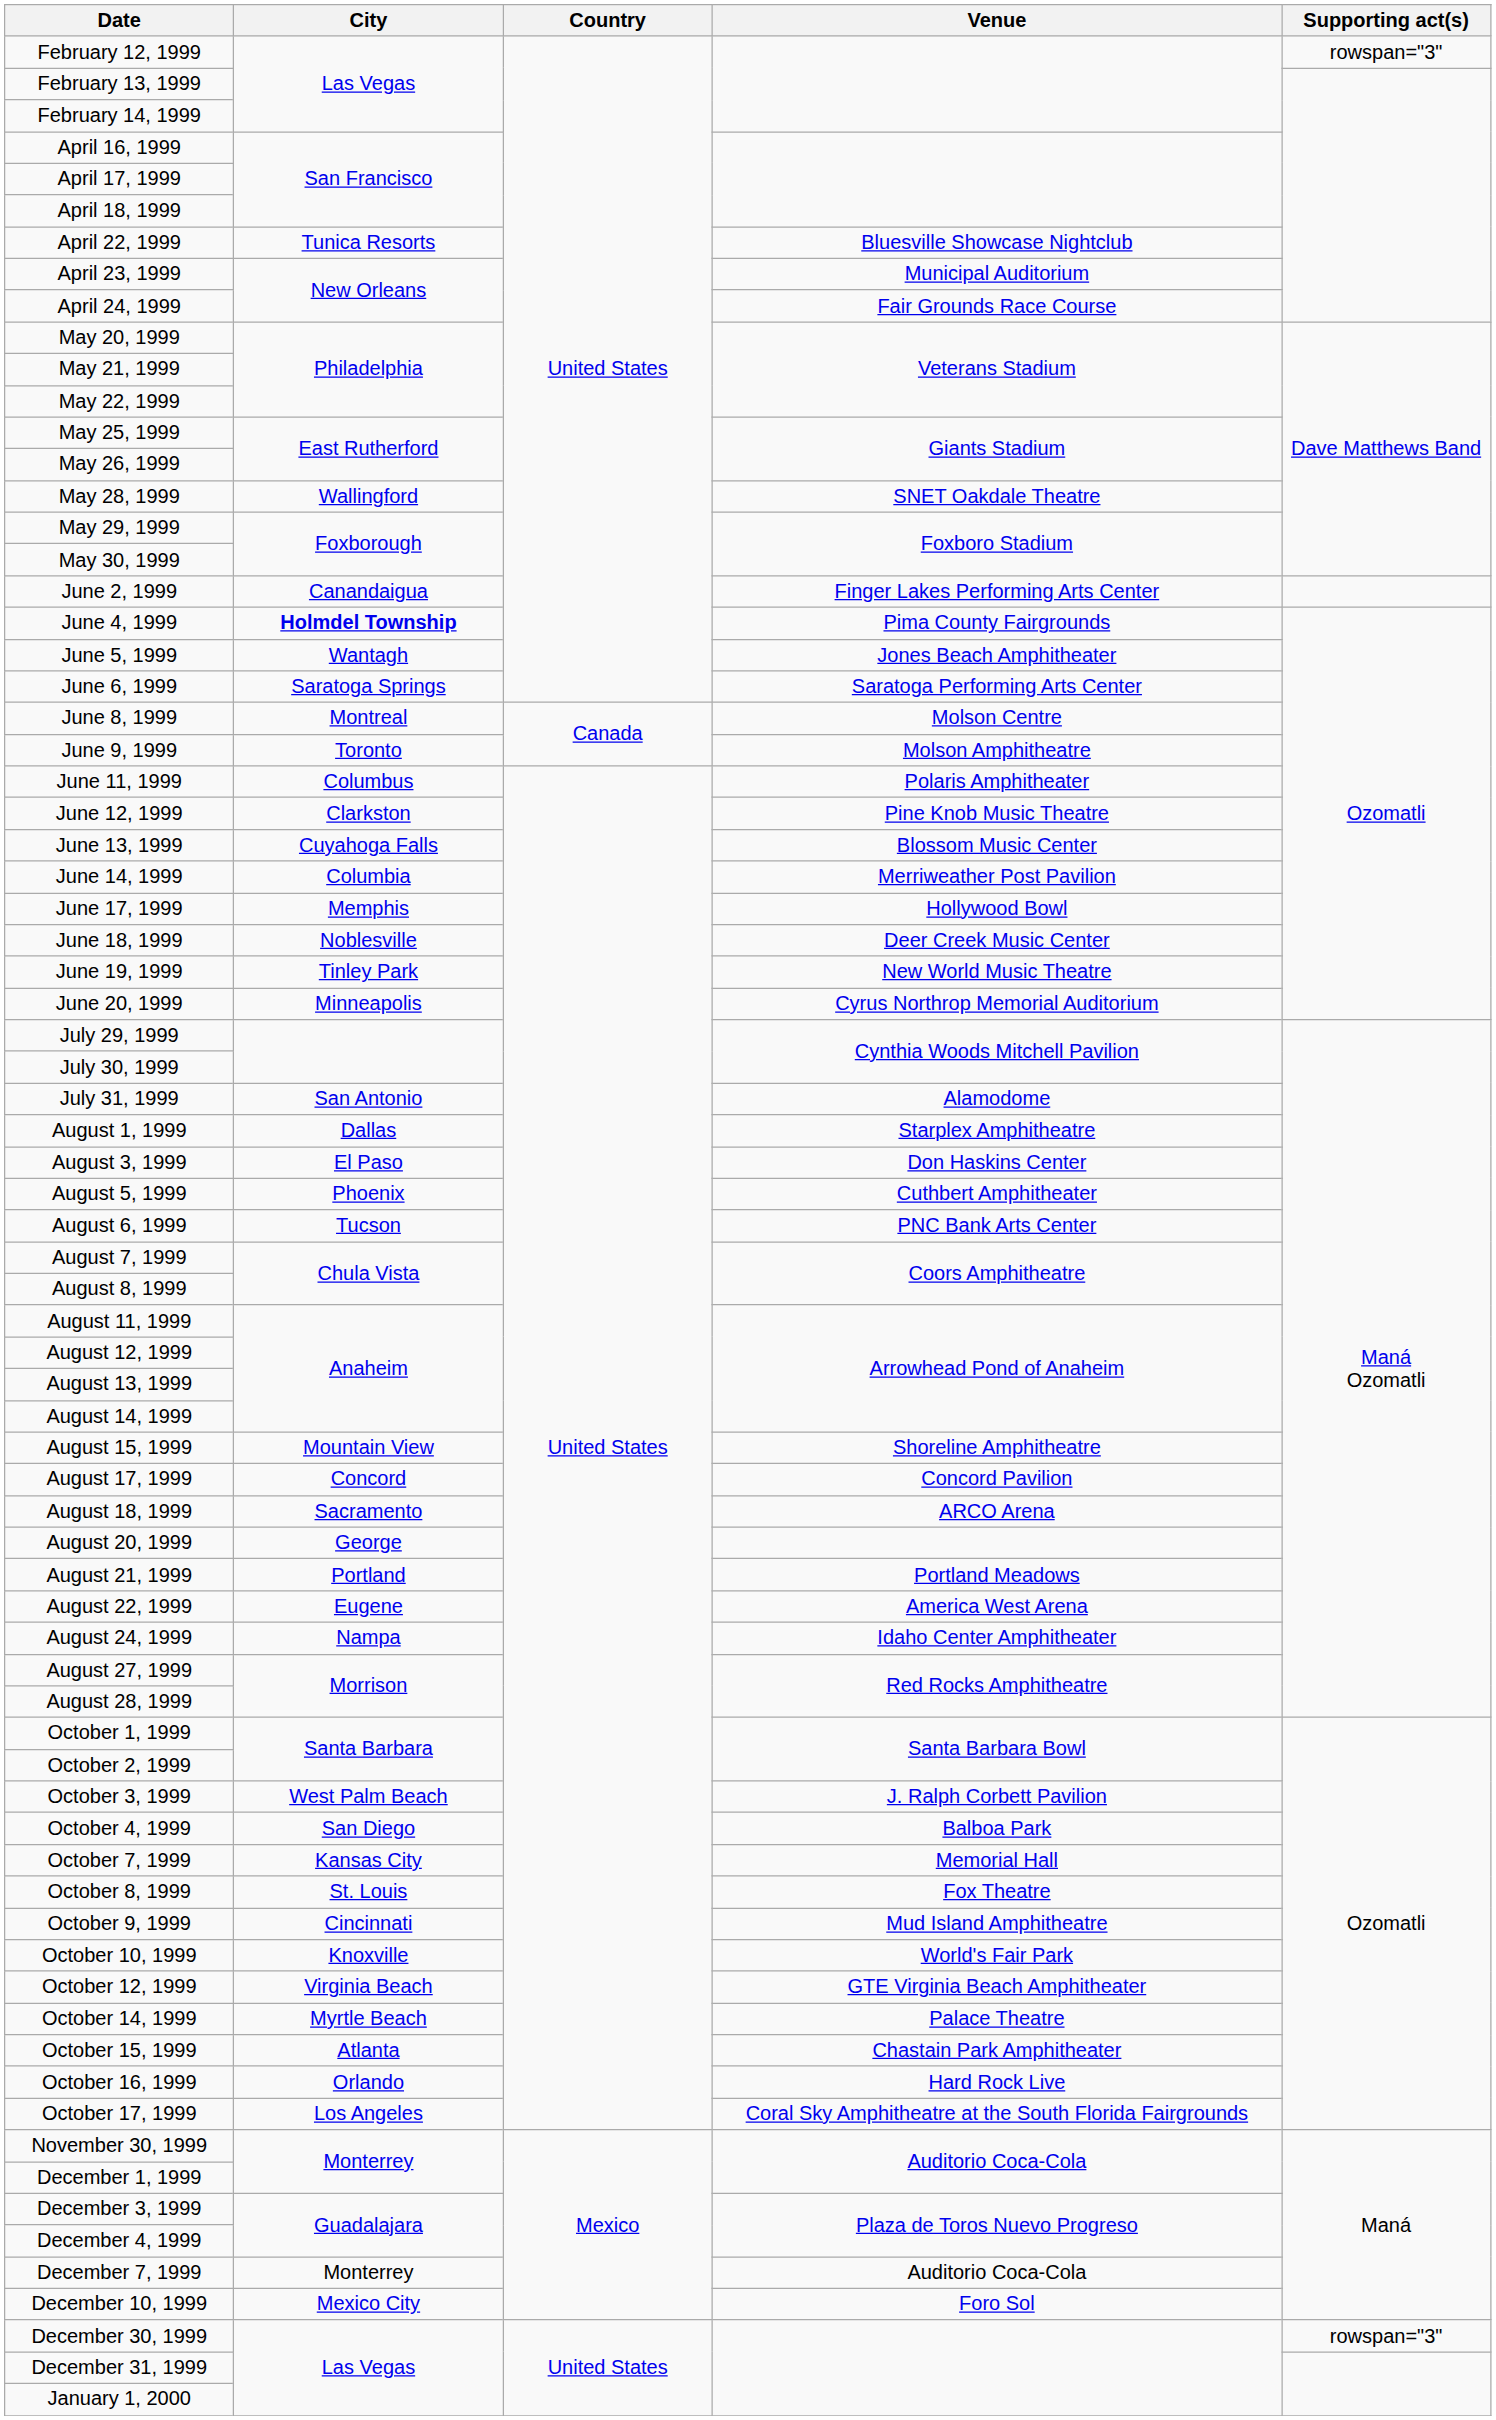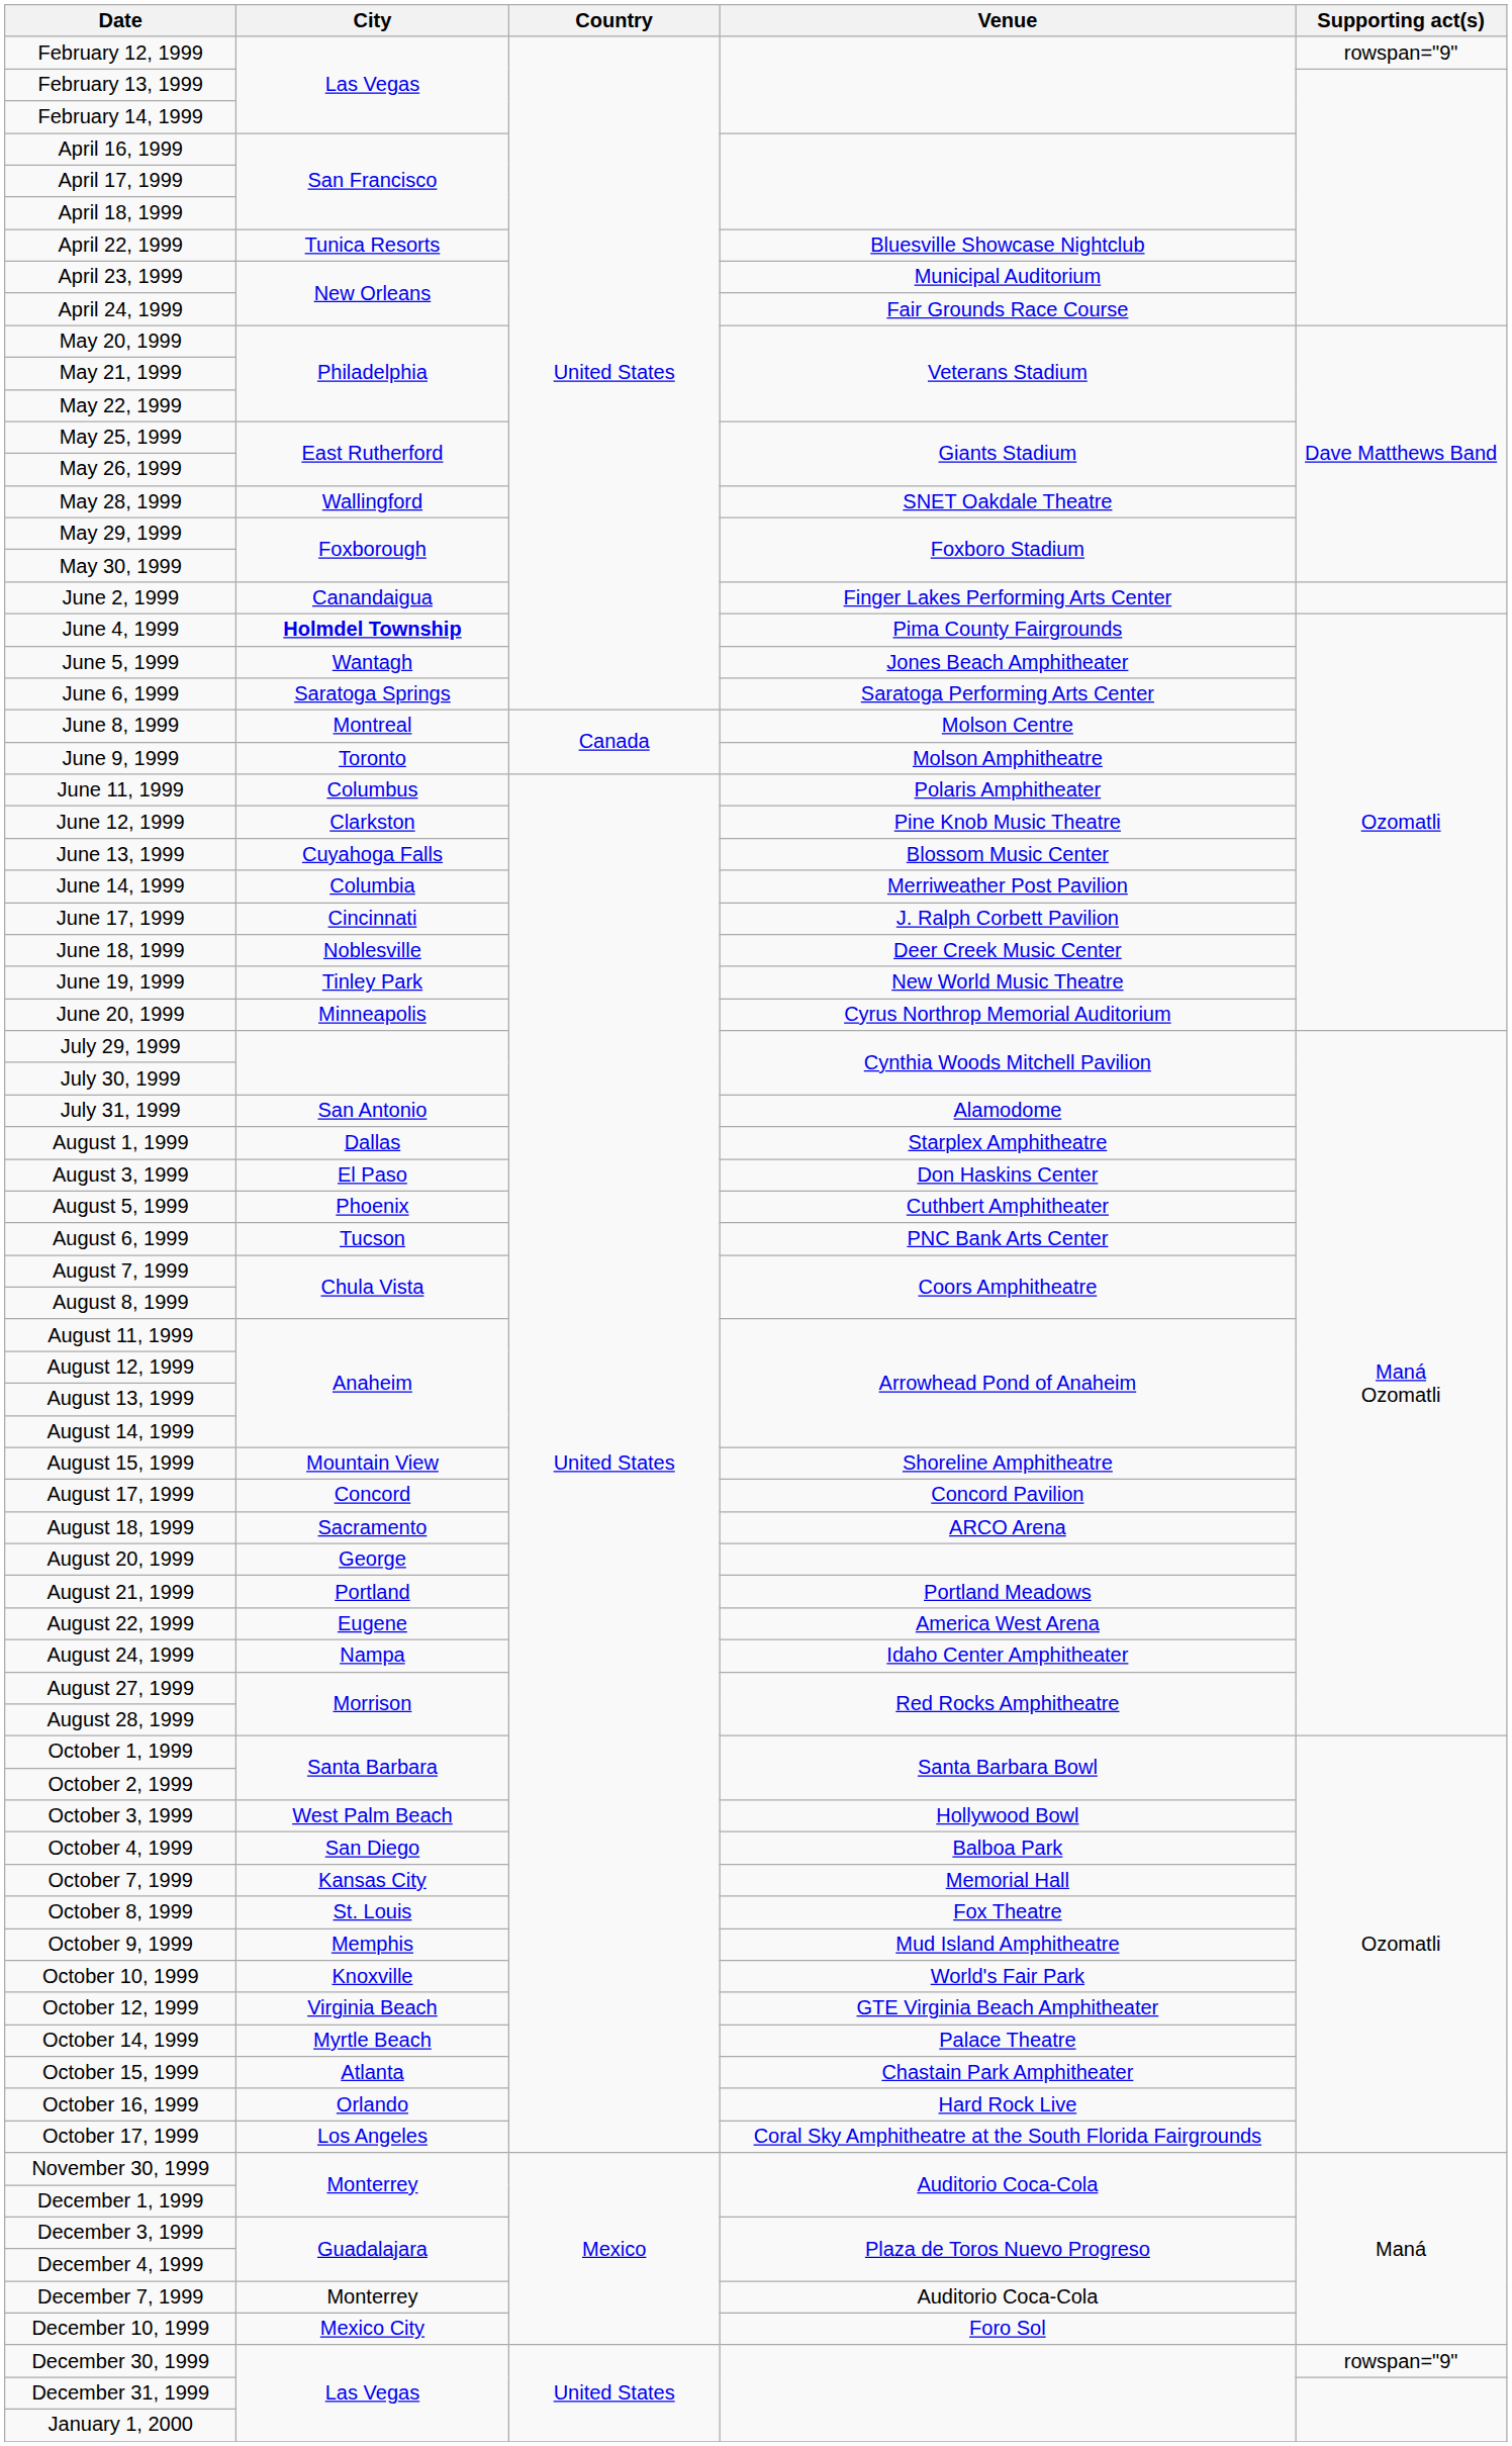 <table class="wikitable sortable plainrowheaders" style="text-align:center;">
 <tr>
 <th scope="col" style="width:11em;">Date</th>
 <th scope="col" style="width:13em;">City</th>
 <th scope="col" style="width:10em;">Country</th>
 <th scope="col" style="width:28em;">Venue</th>
 <th scope="col" style="width:10em;">Supporting act(s)</th>
 </tr>
 <tr>
 <td>February 12, 1999</td>
 <td rowspan="3"><a href='#'>Las Vegas</a></td>
 <td rowspan="21"><a href='#'>United States</a></td>
 <td rowspan="3"></td>
-<td>rowspan="3" </td>
+<td>rowspan="9" </td>
 </tr>
 <tr>
 <td>February 13, 1999</td>
 </tr>
 <tr>
 <td>February 14, 1999</td>
 </tr>
 <tr>
 <td>April 16, 1999</td>
 <td rowspan="3"><a href='#'>San Francisco</a></td>
 <td rowspan="3"></td>
 </tr>
 <tr>
 <td>April 17, 1999</td>
 </tr>
 <tr>
 <td>April 18, 1999</td>
 </tr>
 <tr>
 <td>April 22, 1999</td>
 <td><a href='#'>Tunica Resorts</a></td>
 <td><a href='#'>Bluesville Showcase Nightclub</a></td>
 </tr>
 <tr>
 <td>April 23, 1999</td>
 <td rowspan="2"><a href='#'>New Orleans</a></td>
 <td><a href='#'>Municipal Auditorium</a></td>
 </tr>
 <tr>
 <td>April 24, 1999</td>
 <td><a href='#'>Fair Grounds Race Course</a></td>
 </tr>
 <tr>
 <td>May 20, 1999</td>
 <td rowspan="3"><a href='#'>Philadelphia</a></td>
 <td rowspan="3"><a href='#'>Veterans Stadium</a></td>
 <td rowspan="8"><a href='#'>Dave Matthews Band</a><br></td>
 </tr>
 <tr>
 <td>May 21, 1999</td>
 </tr>
 <tr>
 <td>May 22, 1999</td>
 </tr>
 <tr>
 <td>May 25, 1999</td>
 <td rowspan="2"><a href='#'>East Rutherford</a></td>
 <td rowspan="2"><a href='#'>Giants Stadium</a></td>
 </tr>
 <tr>
 <td>May 26, 1999</td>
 </tr>
 <tr>
 <td>May 28, 1999</td>
 <td><a href='#'>Wallingford</a></td>
 <td><a href='#'>SNET Oakdale Theatre</a></td>
 </tr>
 <tr>
 <td>May 29, 1999</td>
 <td rowspan="2"><a href='#'>Foxborough</a></td>
 <td rowspan="2"><a href='#'>Foxboro Stadium</a></td>
 </tr>
 <tr>
 <td>May 30, 1999</td>
 </tr>
 <tr>
 <td>June 2, 1999</td>
 <td><a href='#'>Canandaigua</a></td>
 <td><a href='#'>Finger Lakes Performing Arts Center</a></td>
 <td></td>
 </tr>
 <tr>
 <td>June 4, 1999</td>
 <td><strong><a href='#'>Holmdel Township</a></strong></td>
 <td><a href='#'>Pima County Fairgrounds</a></td>
 <td rowspan="13"><a href='#'>Ozomatli</a></td>
 </tr>
 <tr>
 <td>June 5, 1999</td>
 <td><a href='#'>Wantagh</a></td>
 <td><a href='#'>Jones Beach Amphitheater</a></td>
 </tr>
 <tr>
 <td>June 6, 1999</td>
 <td><a href='#'>Saratoga Springs</a></td>
 <td><a href='#'>Saratoga Performing Arts Center</a></td>
 </tr>
 <tr>
 <td>June 8, 1999</td>
 <td><a href='#'>Montreal</a></td>
 <td rowspan="2"><a href='#'>Canada</a></td>
 <td><a href='#'>Molson Centre</a></td>
 </tr>
 <tr>
 <td>June 9, 1999</td>
 <td><a href='#'>Toronto</a></td>
 <td><a href='#'>Molson Amphitheatre</a></td>
 </tr>
 <tr>
 <td>June 11, 1999</td>
 <td><a href='#'>Columbus</a></td>
 <td rowspan="43"><a href='#'>United States</a></td>
 <td><a href='#'>Polaris Amphitheater</a></td>
 </tr>
 <tr>
 <td>June 12, 1999</td>
 <td><a href='#'>Clarkston</a></td>
 <td><a href='#'>Pine Knob Music Theatre</a></td>
 </tr>
 <tr>
 <td>June 13, 1999</td>
 <td><a href='#'>Cuyahoga Falls</a></td>
 <td><a href='#'>Blossom Music Center</a></td>
 </tr>
 <tr>
 <td>June 14, 1999</td>
 <td><a href='#'>Columbia</a></td>
 <td><a href='#'>Merriweather Post Pavilion</a></td>
 </tr>
 <tr>
 <td>June 17, 1999</td>
-<td><a href='#'>Memphis</a></td>
-<td><a href='#'>Hollywood Bowl</a></td>
+<td><a href='#'>Cincinnati</a></td>
+<td><a href='#'>J. Ralph Corbett Pavilion</a></td>
 </tr>
 <tr>
 <td>June 18, 1999</td>
 <td><a href='#'>Noblesville</a></td>
 <td><a href='#'>Deer Creek Music Center</a></td>
 </tr>
 <tr>
 <td>June 19, 1999</td>
 <td><a href='#'>Tinley Park</a></td>
 <td><a href='#'>New World Music Theatre</a></td>
 </tr>
 <tr>
 <td>June 20, 1999</td>
 <td><a href='#'>Minneapolis</a></td>
 <td><a href='#'>Cyrus Northrop Memorial Auditorium</a></td>
 </tr>
 <tr>
 <td>July 29, 1999</td>
 <td rowspan="2"></td>
 <td rowspan="2"><a href='#'>Cynthia Woods Mitchell Pavilion</a></td>
 <td rowspan="22"><a href='#'>Maná</a><br>Ozomatli</td>
 </tr>
 <tr>
 <td>July 30, 1999</td>
 </tr>
 <tr>
 <td>July 31, 1999</td>
 <td><a href='#'>San Antonio</a></td>
 <td><a href='#'>Alamodome</a></td>
 </tr>
 <tr>
 <td>August 1, 1999</td>
 <td><a href='#'>Dallas</a></td>
 <td><a href='#'>Starplex Amphitheatre</a></td>
 </tr>
 <tr>
 <td>August 3, 1999</td>
 <td><a href='#'>El Paso</a></td>
 <td><a href='#'>Don Haskins Center</a></td>
 </tr>
 <tr>
 <td>August 5, 1999</td>
 <td><a href='#'>Phoenix</a></td>
 <td><a href='#'>Cuthbert Amphitheater</a></td>
 </tr>
 <tr>
 <td>August 6, 1999</td>
 <td><a href='#'>Tucson</a></td>
 <td><a href='#'>PNC Bank Arts Center</a></td>
 </tr>
 <tr>
 <td>August 7, 1999</td>
 <td rowspan="2"><a href='#'>Chula Vista</a></td>
 <td rowspan="2"><a href='#'>Coors Amphitheatre</a></td>
 </tr>
 <tr>
 <td>August 8, 1999</td>
 </tr>
 <tr>
 <td>August 11, 1999</td>
 <td rowspan="4"><a href='#'>Anaheim</a></td>
 <td rowspan="4"><a href='#'>Arrowhead Pond of Anaheim</a></td>
 </tr>
 <tr>
 <td>August 12, 1999</td>
 </tr>
 <tr>
 <td>August 13, 1999</td>
 </tr>
 <tr>
 <td>August 14, 1999</td>
 </tr>
 <tr>
 <td>August 15, 1999</td>
 <td><a href='#'>Mountain View</a></td>
 <td><a href='#'>Shoreline Amphitheatre</a></td>
 </tr>
 <tr>
 <td>August 17, 1999</td>
 <td><a href='#'>Concord</a></td>
 <td><a href='#'>Concord Pavilion</a></td>
 </tr>
 <tr>
 <td>August 18, 1999</td>
 <td><a href='#'>Sacramento</a></td>
 <td><a href='#'>ARCO Arena</a></td>
 </tr>
 <tr>
 <td>August 20, 1999</td>
 <td><a href='#'>George</a></td>
 <td></td>
 </tr>
 <tr>
 <td>August 21, 1999</td>
 <td><a href='#'>Portland</a></td>
 <td><a href='#'>Portland Meadows</a></td>
 </tr>
 <tr>
 <td>August 22, 1999</td>
 <td><a href='#'>Eugene</a></td>
 <td><a href='#'>America West Arena</a></td>
 </tr>
 <tr>
 <td>August 24, 1999</td>
 <td><a href='#'>Nampa</a></td>
 <td><a href='#'>Idaho Center Amphitheater</a></td>
 </tr>
 <tr>
 <td>August 27, 1999</td>
 <td rowspan="2"><a href='#'>Morrison</a></td>
 <td rowspan="2"><a href='#'>Red Rocks Amphitheatre</a></td>
 </tr>
 <tr>
 <td>August 28, 1999</td>
 </tr>
 <tr>
 <td>October 1, 1999</td>
 <td rowspan="2"><a href='#'>Santa Barbara</a></td>
 <td rowspan="2"><a href='#'>Santa Barbara Bowl</a></td>
 <td rowspan="13">Ozomatli</td>
 </tr>
 <tr>
 <td>October 2, 1999</td>
 </tr>
 <tr>
 <td>October 3, 1999</td>
 <td><a href='#'>West Palm Beach</a></td>
-<td><a href='#'>J. Ralph Corbett Pavilion</a></td>
+<td><a href='#'>Hollywood Bowl</a></td>
 </tr>
 <tr>
 <td>October 4, 1999</td>
 <td><a href='#'>San Diego</a></td>
 <td><a href='#'>Balboa Park</a></td>
 </tr>
 <tr>
 <td>October 7, 1999</td>
 <td><a href='#'>Kansas City</a></td>
 <td><a href='#'>Memorial Hall</a></td>
 </tr>
 <tr>
 <td>October 8, 1999</td>
 <td><a href='#'>St. Louis</a></td>
 <td><a href='#'>Fox Theatre</a></td>
 </tr>
 <tr>
 <td>October 9, 1999</td>
-<td><a href='#'>Cincinnati</a></td>
+<td><a href='#'>Memphis</a></td>
 <td><a href='#'>Mud Island Amphitheatre</a></td>
 </tr>
 <tr>
 <td>October 10, 1999</td>
 <td><a href='#'>Knoxville</a></td>
 <td><a href='#'>World's Fair Park</a></td>
 </tr>
 <tr>
 <td>October 12, 1999</td>
 <td><a href='#'>Virginia Beach</a></td>
 <td><a href='#'>GTE Virginia Beach Amphitheater</a></td>
 </tr>
 <tr>
 <td>October 14, 1999</td>
 <td><a href='#'>Myrtle Beach</a></td>
 <td><a href='#'>Palace Theatre</a></td>
 </tr>
 <tr>
 <td>October 15, 1999</td>
 <td><a href='#'>Atlanta</a></td>
 <td><a href='#'>Chastain Park Amphitheater</a></td>
 </tr>
 <tr>
 <td>October 16, 1999</td>
 <td><a href='#'>Orlando</a></td>
 <td><a href='#'>Hard Rock Live</a></td>
 </tr>
 <tr>
 <td>October 17, 1999</td>
 <td><a href='#'>Los Angeles</a></td>
 <td><a href='#'>Coral Sky Amphitheatre at the South Florida Fairgrounds</a></td>
 </tr>
 <tr>
 <td>November 30, 1999</td>
 <td rowspan="2"><a href='#'>Monterrey</a></td>
 <td rowspan="6"><a href='#'>Mexico</a></td>
 <td rowspan="2"><a href='#'>Auditorio Coca-Cola</a></td>
 <td rowspan="6">Maná</td>
 </tr>
 <tr>
 <td>December 1, 1999</td>
 </tr>
 <tr>
 <td>December 3, 1999</td>
 <td rowspan="2"><a href='#'>Guadalajara</a></td>
 <td rowspan="2"><a href='#'>Plaza de Toros Nuevo Progreso</a></td>
 </tr>
 <tr>
 <td>December 4, 1999</td>
 </tr>
 <tr>
 <td>December 7, 1999</td>
 <td>Monterrey</td>
 <td>Auditorio Coca-Cola</td>
 </tr>
 <tr>
 <td>December 10, 1999</td>
 <td><a href='#'>Mexico City</a></td>
 <td><a href='#'>Foro Sol</a></td>
 </tr>
 <tr>
 <td>December 30, 1999</td>
 <td rowspan="3"><a href='#'>Las Vegas</a></td>
 <td rowspan="3"><a href='#'>United States</a></td>
 <td rowspan="3"></td>
-<td>rowspan="3" </td>
+<td>rowspan="9" </td>
 </tr>
 <tr>
 <td>December 31, 1999</td>
 </tr>
 <tr>
 <td>January 1, 2000</td>
 </tr>
 </table>
